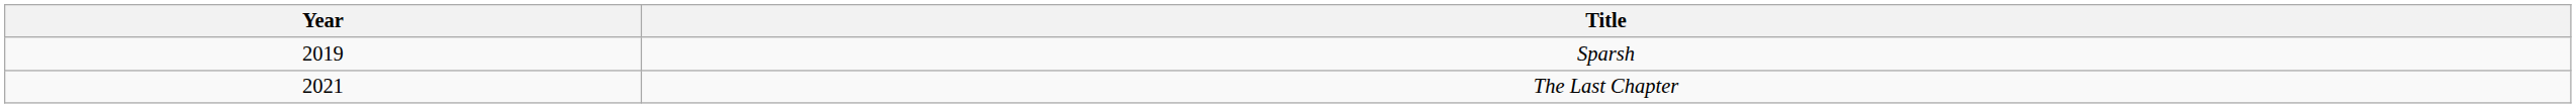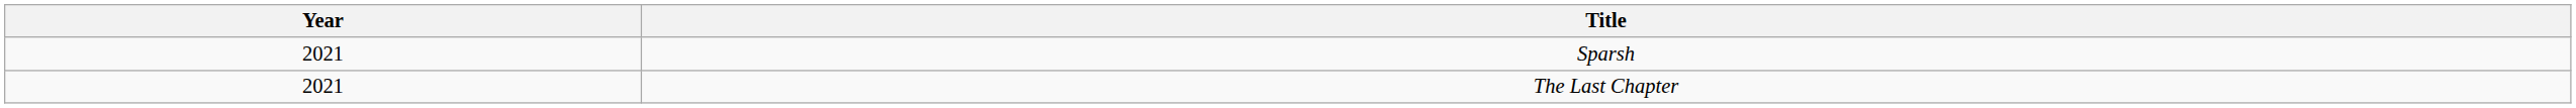 <table class="wikitable" style="width: 100%; text-align: center;">
 <tr>
 <th>Year</th>
 <th>Title</th>
 </tr>
 <tr>
-<td>2019</td>
+<td>2021</td>
 <td><em>Sparsh</em></td>
 </tr>
 <tr>
 <td>2021</td>
 <td><em>The Last Chapter</em></td>
 </tr>
 </table>
